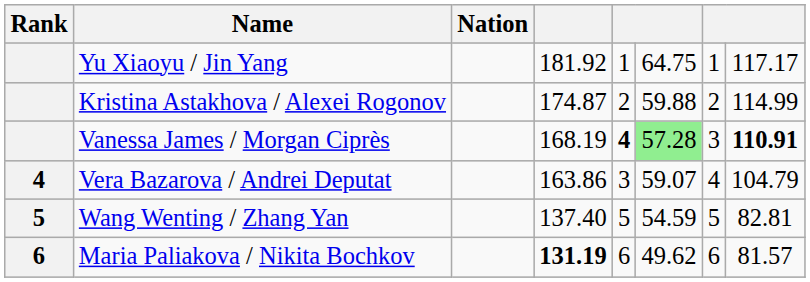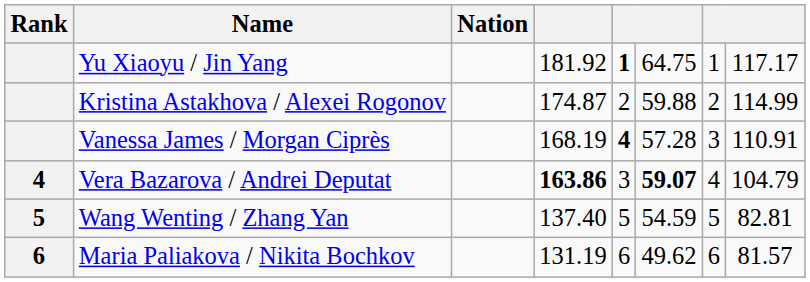 <table class="wikitable sortable" style="text-align:center">
 <tr>
 <th>Rank</th>
 <th>Name</th>
 <th>Nation</th>
 <th></th>
 <th colspan=2></th>
 <th colspan=2></th>
 </tr>
 <tr>
 <th></th>
 <td align=left><a href='#'>Yu Xiaoyu</a> / <a href='#'>Jin Yang</a></td>
 <td align=left></td>
 <td>181.92</td>
-<td>1</td>
+<td><strong>1</strong></td>
 <td>64.75</td>
 <td>1</td>
 <td>117.17</td>
 </tr>
 <tr>
 <th></th>
 <td align=left><a href='#'>Kristina Astakhova</a> / <a href='#'>Alexei Rogonov</a></td>
 <td align=left></td>
 <td>174.87</td>
 <td>2</td>
 <td>59.88</td>
 <td>2</td>
 <td>114.99</td>
 </tr>
 <tr>
 <th></th>
 <td align=left><a href='#'>Vanessa James</a> / <a href='#'>Morgan Ciprès</a></td>
 <td align=left></td>
 <td>168.19</td>
 <td><strong>4</strong></td>
-<td style="background: lightgreen;">57.28</td>
+<td>57.28</td>
 <td>3</td>
-<td><strong>110.91</strong></td>
+<td>110.91</td>
 </tr>
 <tr>
 <th>4</th>
 <td align=left><a href='#'>Vera Bazarova</a> / <a href='#'>Andrei Deputat</a></td>
 <td align=left></td>
-<td>163.86</td>
+<td><strong>163.86</strong></td>
 <td>3</td>
-<td>59.07</td>
+<td><strong>59.07</strong></td>
 <td>4</td>
 <td>104.79</td>
 </tr>
 <tr>
 <th>5</th>
 <td align=left><a href='#'>Wang Wenting</a> / <a href='#'>Zhang Yan</a></td>
 <td align=left></td>
 <td>137.40</td>
 <td>5</td>
 <td>54.59</td>
 <td>5</td>
 <td>82.81</td>
 </tr>
 <tr>
 <th>6</th>
 <td align=left><a href='#'>Maria Paliakova</a> / <a href='#'>Nikita Bochkov</a></td>
 <td align=left></td>
-<td><strong>131.19</strong></td>
+<td>131.19</td>
 <td>6</td>
 <td>49.62</td>
 <td>6</td>
 <td>81.57</td>
 </tr>
 </table>
